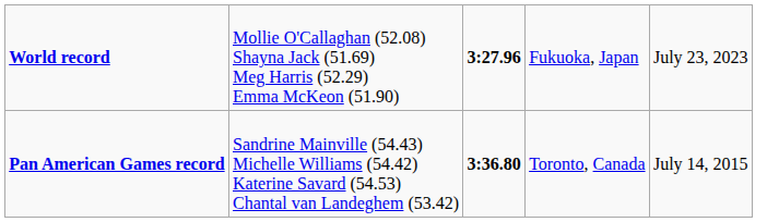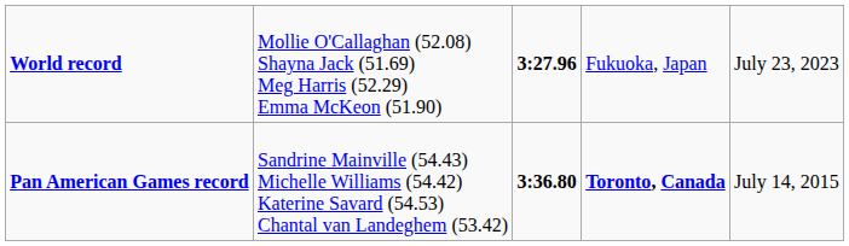 <table class="wikitable">
 <tr>
 <td><strong><a href='#'>World record</a></strong></td>
 <td><br><a href='#'>Mollie O'Callaghan</a> (52.08)<br><a href='#'>Shayna Jack</a> (51.69)<br><a href='#'>Meg Harris</a> (52.29)<br><a href='#'>Emma McKeon</a> (51.90)</td>
 <td><strong>3:27.96</strong></td>
 <td><a href='#'>Fukuoka</a>, <a href='#'>Japan</a></td>
 <td>July 23, 2023</td>
 </tr>
 <tr>
 <td><strong><a href='#'>Pan American Games record</a></strong></td>
 <td><br><a href='#'>Sandrine Mainville</a> (54.43)<br><a href='#'>Michelle Williams</a> (54.42)<br><a href='#'>Katerine Savard</a> (54.53)<br><a href='#'>Chantal van Landeghem</a> (53.42)</td>
 <td><strong>3:36.80</strong></td>
-<td><a href='#'>Toronto</a>, <a href='#'>Canada</a></td>
+<td><strong><a href='#'>Toronto</a>, <a href='#'>Canada</a></strong></td>
 <td>July 14, 2015</td>
 </tr>
 </table>
